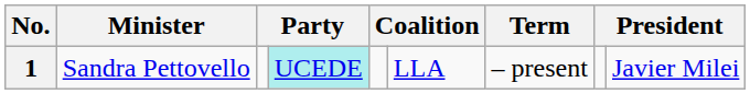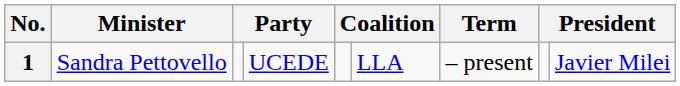 <table class="wikitable">
 <tr>
 <th>No.</th>
 <th>Minister</th>
 <th colspan="2">Party</th>
 <th colspan="2">Coalition</th>
 <th>Term</th>
 <th colspan="2">President</th>
 </tr>
 <tr>
 <th>1</th>
 <td><a href='#'>Sandra Pettovello</a></td>
 <td></td>
-<td style="background: paleturquoise;"><a href='#'>UCEDE</a></td>
+<td><a href='#'>UCEDE</a></td>
 <td></td>
 <td><a href='#'>LLA</a></td>
 <td> – present</td>
 <td></td>
 <td><a href='#'>Javier Milei</a></td>
 </tr>
 </table>
